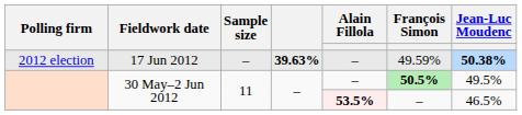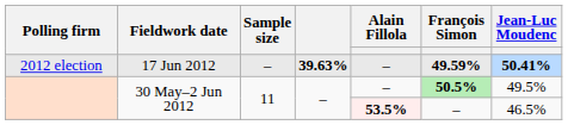 <table class="wikitable sortable" style="text-align:center;font-size:90%;line-height:14px;">
 <tr style="height:40px;">
 <th style="width:100px;" rowspan="2">Polling firm</th>
 <th style="width:110px;" rowspan="2">Fieldwork date</th>
 <th style="width:35px;" rowspan="2">Sample<br>size</th>
 <th style="width:30px;" rowspan="2"></th>
 <th class="unsortable" style="width:60px;">Alain Fillola<br></th>
 <th class="unsortable" style="width:60px;">François Simon<br></th>
 <th class="unsortable" style="width:60px;"><a href='#'>Jean-Luc Moudenc</a><br></th>
 </tr>
 <tr>
 <th style="background:"></th>
 <th style="background:"></th>
 <th style="background:"></th>
 </tr>
 <tr style="background:#E9E9E9;">
 <td><a href='#'>2012 election</a></td>
 <td data-sort-value="2012-06-17">17 Jun 2012</td>
 <td>–</td>
 <td><strong>39.63%</strong></td>
 <td>–</td>
-<td>49.59%</td>
-<td style="background:#B9DAFF;"><strong>50.38%</strong></td>
+<td><strong>49.59%</strong></td>
+<td style="background:#B9DAFF;"><strong>50.41%</strong></td>
 </tr>
 <tr>
 <td rowspan="2" style="background:#FFDFCC;"></td>
 <td rowspan="2" data-sort-value="2012-06-02">30 May–2 Jun 2012</td>
 <td rowspan="2">11</td>
 <td rowspan="2">–</td>
 <td>–</td>
 <td style="background:#B6EDB6;"><strong>50.5%</strong></td>
 <td>49.5%</td>
 </tr>
 <tr>
 <td style="background:#FFEDED;"><strong>53.5%</strong></td>
 <td>–</td>
 <td>46.5%</td>
 </tr>
 </table>
